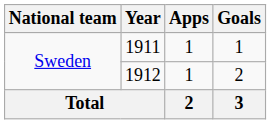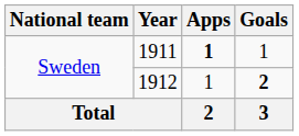 <table class=wikitable style=text-align:center>
 <tr>
 <th>National team</th>
 <th>Year</th>
 <th>Apps</th>
 <th>Goals</th>
 </tr>
 <tr>
 <td rowspan="2"><a href='#'>Sweden</a></td>
 <td>1911</td>
-<td>1</td>
+<td><strong>1</strong></td>
 <td>1</td>
 </tr>
 <tr>
 <td>1912</td>
 <td>1</td>
-<td>2</td>
+<td><strong>2</strong></td>
 </tr>
 <tr>
 <th colspan="2">Total</th>
 <th>2</th>
 <th>3</th>
 </tr>
 </table>
